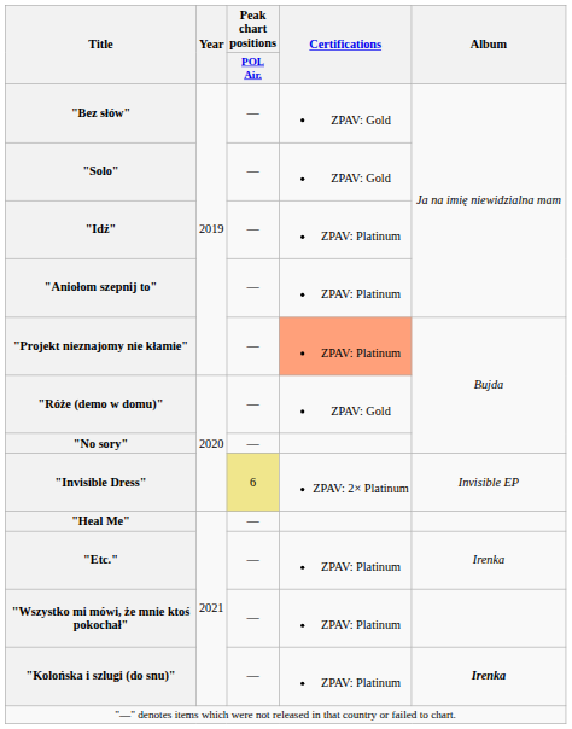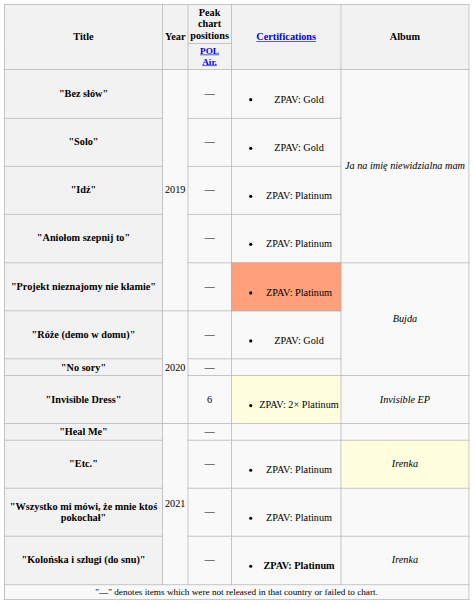 <table class="wikitable plainrowheaders" style="text-align:center;">
 <tr>
 <th scope="col" rowspan="2" style="width:15em;">Title</th>
 <th scope="col" rowspan="2">Year</th>
 <th>Peak chart positions</th>
 <th scope="col" rowspan="2"><a href='#'>Certifications</a></th>
 <th scope="col" rowspan="2" style="width:12em;">Album</th>
 </tr>
 <tr>
 <th style="width:3em;font-size:90%"><a href='#'>POL<br>Air.</a><br></th>
 </tr>
 <tr>
 <th scope="row">"Bez słów"</th>
 <td rowspan=5>2019</td>
 <td>—</td>
 <td><br><ul><li>ZPAV: Gold</li></ul></td>
 <td rowspan="4"><em>Ja na imię niewidzialna mam</em></td>
 </tr>
 <tr>
 <th scope="row">"Solo"</th>
 <td>—</td>
 <td><br><ul><li>ZPAV: Gold</li></ul></td>
 </tr>
 <tr>
 <th scope="row">"Idź"</th>
 <td>—</td>
 <td><br><ul><li>ZPAV: Platinum</li></ul></td>
 </tr>
 <tr>
 <th scope="row">"Aniołom szepnij to"</th>
 <td>—</td>
 <td><br><ul><li>ZPAV: Platinum</li></ul></td>
 </tr>
 <tr>
 <th scope="row">"Projekt nieznajomy nie kłamie"</th>
 <td>—</td>
 <td style="background: lightsalmon;"><br><ul><li>ZPAV: Platinum</li></ul></td>
 <td rowspan="3"><em>Bujda</em></td>
 </tr>
 <tr>
 <th scope="row">"Róże (demo w domu)"</th>
 <td rowspan=3>2020</td>
 <td>—</td>
 <td><br><ul><li>ZPAV: Gold</li></ul></td>
 </tr>
 <tr>
 <th scope="row">"No sory"<br></th>
 <td>—</td>
 <td></td>
 </tr>
 <tr>
 <th scope="row">"Invisible Dress"<br></th>
-<td style="background: khaki;">6</td>
-<td><br><ul><li>ZPAV: 2× Platinum</li></ul></td>
+<td>6</td>
+<td style="background: lightyellow;"><br><ul><li>ZPAV: 2× Platinum</li></ul></td>
 <td><em>Invisible EP</em></td>
 </tr>
 <tr>
 <th scope="row">"Heal Me"</th>
 <td rowspan=4>2021</td>
 <td>—</td>
 <td></td>
 <td></td>
 </tr>
 <tr>
 <th scope="row">"Etc."</th>
 <td>—</td>
 <td><br><ul><li>ZPAV: Platinum</li></ul></td>
-<td><em>Irenka</em></td>
+<td style="background: lightyellow;"><em>Irenka</em></td>
 </tr>
 <tr>
 <th scope="row">"Wszystko mi mówi, że mnie ktoś pokochał"</th>
 <td>—</td>
 <td><br><ul><li>ZPAV: Platinum</li></ul></td>
 <td></td>
 </tr>
 <tr>
 <th scope="row">"Kolońska i szlugi (do snu)"</th>
 <td>—</td>
-<td><br><ul><li>ZPAV: Platinum</li></ul></td>
-<td><strong><em>Irenka</em></strong></td>
+<td><strong><br><ul><li>ZPAV: Platinum</li></ul></strong></td>
+<td><em>Irenka</em></td>
 </tr>
 <tr>
 <td colspan="5" style="font-size:90%;">"—" denotes items which were not released in that country or failed to chart.</td>
 </tr>
 </table>
